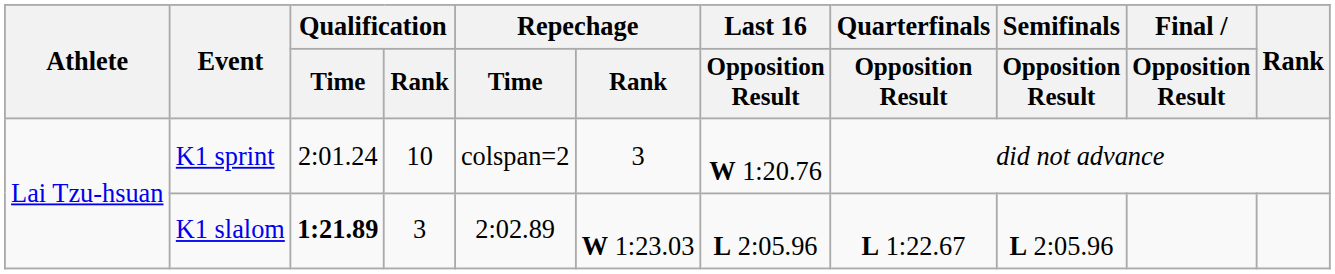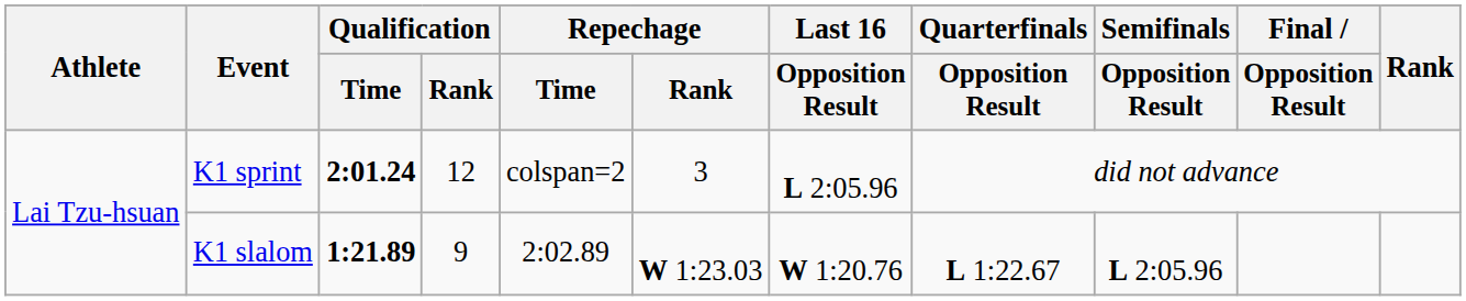 <table class="wikitable" style="font-size:90%;">
 <tr>
 <th rowspan=2>Athlete</th>
 <th rowspan=2>Event</th>
 <th colspan=2>Qualification</th>
 <th colspan=2>Repechage</th>
 <th>Last 16</th>
 <th>Quarterfinals</th>
 <th>Semifinals</th>
 <th>Final / </th>
 <th rowspan=2>Rank</th>
 </tr>
 <tr style="font-size:95%">
 <th>Time</th>
 <th>Rank</th>
 <th>Time</th>
 <th>Rank</th>
 <th>Opposition<br>Result</th>
 <th>Opposition<br>Result</th>
 <th>Opposition<br>Result</th>
 <th>Opposition<br>Result</th>
 </tr>
 <tr align=center>
 <td rowspan=2 align=left><a href='#'>Lai Tzu-hsuan</a></td>
 <td align=left><a href='#'>K1 sprint</a></td>
-<td>2:01.24</td>
-<td>10</td>
+<td><strong>2:01.24</strong></td>
+<td>12</td>
 <td>colspan=2 </td>
 <td>3</td>
-<td><br> <strong>W</strong> 1:20.76</td>
+<td><br> <strong>L</strong> 2:05.96</td>
 <td colspan=4><em>did not advance</em></td>
 </tr>
 <tr align=center>
 <td align=left><a href='#'>K1 slalom</a></td>
 <td><strong>1:21.89</strong></td>
-<td>3</td>
+<td>9</td>
 <td>2:02.89</td>
 <td><br> <strong>W</strong> 1:23.03</td>
-<td><br> <strong>L</strong> 2:05.96</td>
+<td><br> <strong>W</strong> 1:20.76</td>
 <td><br> <strong>L</strong> 1:22.67</td>
 <td><br> <strong>L</strong> 2:05.96</td>
 <td></td>
 </tr>
 </table>
